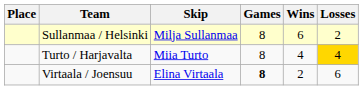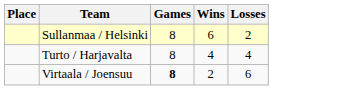 <table class="wikitable" style="text-align:center;">
 <tr>
 <th>Place</th>
 <th>Team</th>
-<th>Skip</th>
 <th>Games</th>
 <th>Wins</th>
 <th>Losses</th>
 </tr>
 <tr bgcolor=#ffc>
 <td></td>
 <td align=left>Sullanmaa / Helsinki</td>
-<td align=left><a href='#'>Milja Sullanmaa</a></td>
 <td>8</td>
 <td>6</td>
 <td>2</td>
 </tr>
 <tr>
 <td></td>
 <td align=left>Turto / Harjavalta</td>
-<td align=left><a href='#'>Miia Turto</a></td>
 <td>8</td>
 <td>4</td>
-<td style="background: gold;">4</td>
+<td>4</td>
 </tr>
 <tr>
 <td></td>
 <td align=left>Virtaala / Joensuu</td>
-<td align=left><a href='#'>Elina Virtaala</a></td>
 <td><strong>8</strong></td>
 <td>2</td>
 <td>6</td>
 </tr>
 </table>
